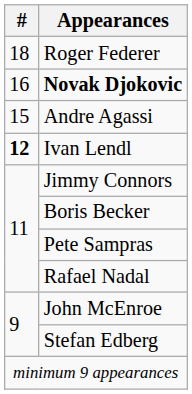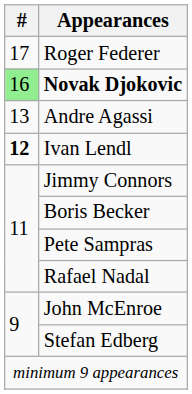 <table class="wikitable" style="display:inline-table;">
 <tr>
 <th width=20>#</th>
 <th>Appearances</th>
 </tr>
 <tr>
-<td>18</td>
+<td>17</td>
 <td> Roger Federer</td>
 </tr>
 <tr>
-<td>16</td>
+<td style="background: lightgreen;">16</td>
 <td> <strong>Novak Djokovic</strong></td>
 </tr>
 <tr>
-<td>15</td>
+<td>13</td>
 <td> Andre Agassi</td>
 </tr>
 <tr>
 <td><strong>12</strong></td>
 <td> Ivan Lendl</td>
 </tr>
 <tr>
 <td rowspan="4">11</td>
 <td> Jimmy Connors</td>
 </tr>
 <tr>
 <td> Boris Becker</td>
 </tr>
 <tr>
 <td> Pete Sampras</td>
 </tr>
 <tr>
 <td> Rafael Nadal</td>
 </tr>
 <tr>
 <td rowspan="2">9</td>
 <td> John McEnroe</td>
 </tr>
 <tr>
 <td> Stefan Edberg</td>
 </tr>
 <tr>
 <td colspan="3" style="text-align: center;"><small><em>minimum 9 appearances</em></small></td>
 </tr>
 </table>
